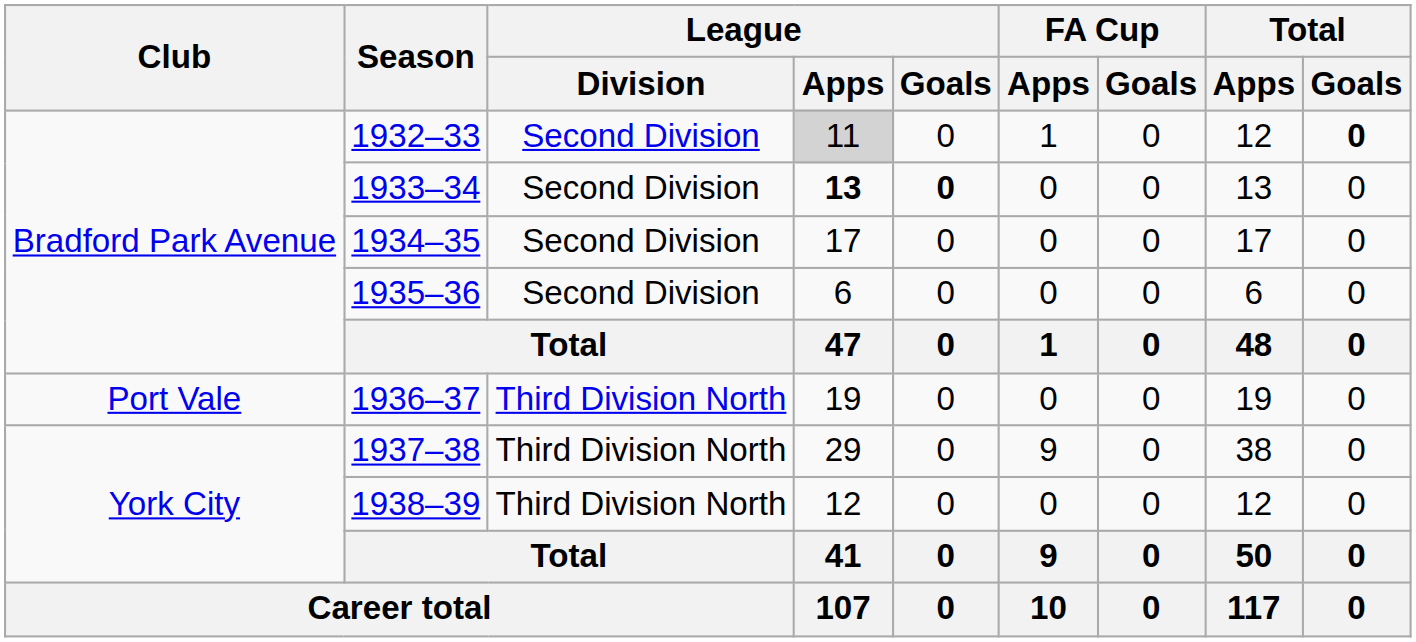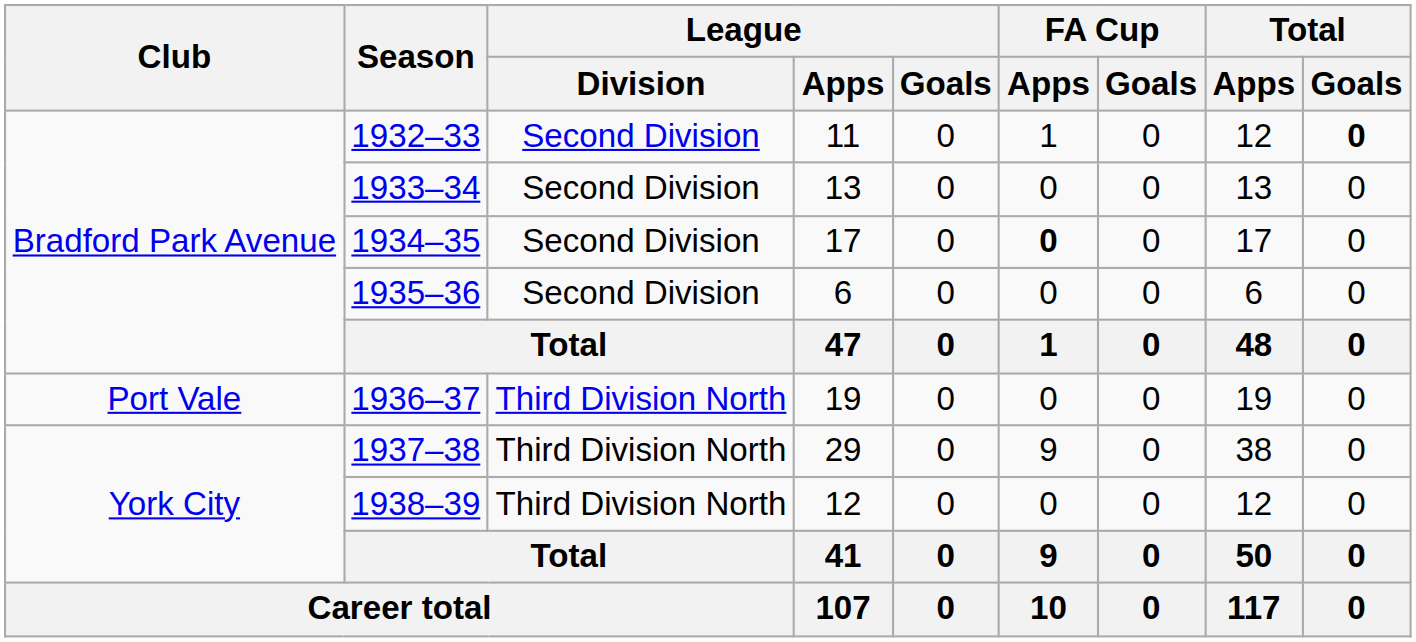 <table class="wikitable" style="text-align: center;">
 <tr>
 <th rowspan="2">Club</th>
 <th rowspan="2">Season</th>
 <th colspan="3">League</th>
 <th colspan="2">FA Cup</th>
 <th colspan="2">Total</th>
 </tr>
 <tr>
 <th>Division</th>
 <th>Apps</th>
 <th>Goals</th>
 <th>Apps</th>
 <th>Goals</th>
 <th>Apps</th>
 <th>Goals</th>
 </tr>
 <tr>
 <td rowspan="5"><a href='#'>Bradford Park Avenue</a></td>
 <td><a href='#'>1932–33</a></td>
 <td><a href='#'>Second Division</a></td>
-<td style="background: lightgrey;">11</td>
+<td>11</td>
 <td>0</td>
 <td>1</td>
 <td>0</td>
 <td>12</td>
 <td><strong>0</strong></td>
 </tr>
 <tr>
 <td><a href='#'>1933–34</a></td>
 <td>Second Division</td>
-<td><strong>13</strong></td>
-<td><strong>0</strong></td>
+<td>13</td>
+<td>0</td>
 <td>0</td>
 <td>0</td>
 <td>13</td>
 <td>0</td>
 </tr>
 <tr>
 <td><a href='#'>1934–35</a></td>
 <td>Second Division</td>
 <td>17</td>
 <td>0</td>
-<td>0</td>
+<td><strong>0</strong></td>
 <td>0</td>
 <td>17</td>
 <td>0</td>
 </tr>
 <tr>
 <td><a href='#'>1935–36</a></td>
 <td>Second Division</td>
 <td>6</td>
 <td>0</td>
 <td>0</td>
 <td>0</td>
 <td>6</td>
 <td>0</td>
 </tr>
 <tr>
 <th colspan="2">Total</th>
 <th>47</th>
 <th>0</th>
 <th>1</th>
 <th>0</th>
 <th>48</th>
 <th>0</th>
 </tr>
 <tr>
 <td><a href='#'>Port Vale</a></td>
 <td><a href='#'>1936–37</a></td>
 <td><a href='#'>Third Division North</a></td>
 <td>19</td>
 <td>0</td>
 <td>0</td>
 <td>0</td>
 <td>19</td>
 <td>0</td>
 </tr>
 <tr>
 <td rowspan="3"><a href='#'>York City</a></td>
 <td><a href='#'>1937–38</a></td>
 <td>Third Division North</td>
 <td>29</td>
 <td>0</td>
 <td>9</td>
 <td>0</td>
 <td>38</td>
 <td>0</td>
 </tr>
 <tr>
 <td><a href='#'>1938–39</a></td>
 <td>Third Division North</td>
 <td>12</td>
 <td>0</td>
 <td>0</td>
 <td>0</td>
 <td>12</td>
 <td>0</td>
 </tr>
 <tr>
 <th colspan="2">Total</th>
 <th>41</th>
 <th>0</th>
 <th>9</th>
 <th>0</th>
 <th>50</th>
 <th>0</th>
 </tr>
 <tr>
 <th colspan="3">Career total</th>
 <th>107</th>
 <th>0</th>
 <th>10</th>
 <th>0</th>
 <th>117</th>
 <th>0</th>
 </tr>
 </table>
